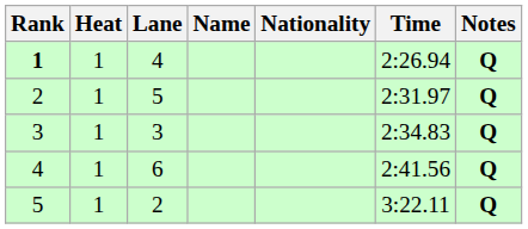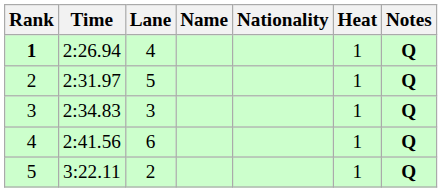 <table class="wikitable sortable" style="text-align:center">
 <tr>
 <th>Rank</th>
-<th>Heat</th>
+<th>Time</th>
 <th>Lane</th>
 <th>Name</th>
 <th>Nationality</th>
-<th>Time</th>
+<th>Heat</th>
 <th>Notes</th>
 </tr>
 <tr bgcolor=ccffcc>
 <td><strong>1</strong></td>
-<td>1</td>
+<td>2:26.94</td>
 <td>4</td>
 <td align=left></td>
 <td align=left></td>
-<td>2:26.94</td>
+<td>1</td>
 <td><strong>Q</strong></td>
 </tr>
 <tr bgcolor=ccffcc>
 <td>2</td>
-<td>1</td>
+<td>2:31.97</td>
 <td>5</td>
 <td align=left></td>
 <td align=left></td>
-<td>2:31.97</td>
+<td>1</td>
 <td><strong>Q</strong></td>
 </tr>
 <tr bgcolor=ccffcc>
 <td>3</td>
-<td>1</td>
+<td>2:34.83</td>
 <td>3</td>
 <td align=left></td>
 <td align=left></td>
-<td>2:34.83</td>
+<td>1</td>
 <td><strong>Q</strong></td>
 </tr>
 <tr bgcolor=ccffcc>
 <td>4</td>
-<td>1</td>
+<td>2:41.56</td>
 <td>6</td>
 <td align=left></td>
 <td align=left></td>
-<td>2:41.56</td>
+<td>1</td>
 <td><strong>Q</strong></td>
 </tr>
 <tr bgcolor=ccffcc>
 <td>5</td>
-<td>1</td>
+<td>3:22.11</td>
 <td>2</td>
 <td align=left></td>
 <td align=left></td>
-<td>3:22.11</td>
+<td>1</td>
 <td><strong>Q</strong></td>
 </tr>
 </table>
